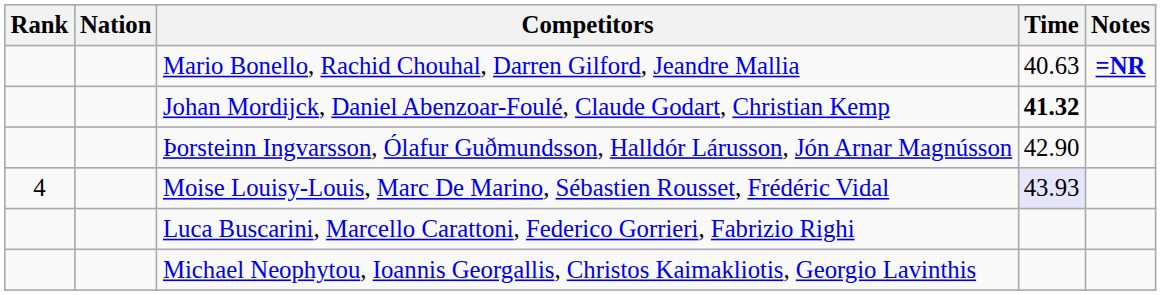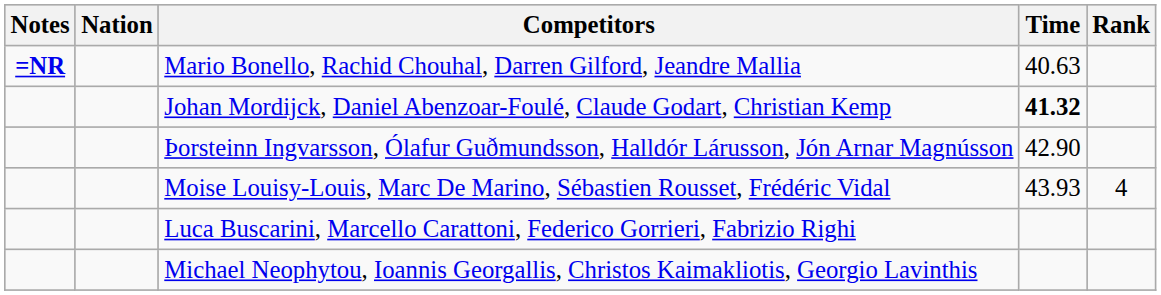 <table class="wikitable sortable" style="text-align:center; font-size:95%">
 <tr>
-<th>Rank</th>
+<th>Notes</th>
 <th>Nation</th>
 <th>Competitors</th>
 <th>Time</th>
-<th>Notes</th>
+<th>Rank</th>
 </tr>
 <tr>
-<td></td>
+<td><strong><a href='#'>=NR</a></strong></td>
 <td align=left></td>
 <td align=left><a href='#'>Mario Bonello</a>, <a href='#'>Rachid Chouhal</a>, <a href='#'>Darren Gilford</a>, <a href='#'>Jeandre Mallia</a></td>
 <td>40.63</td>
-<td><strong><a href='#'>=NR</a></strong></td>
+<td></td>
 </tr>
 <tr>
 <td></td>
 <td align=left></td>
 <td align=left><a href='#'>Johan Mordijck</a>, <a href='#'>Daniel Abenzoar-Foulé</a>, <a href='#'>Claude Godart</a>, <a href='#'>Christian Kemp</a></td>
 <td><strong>41.32</strong></td>
 <td></td>
 </tr>
 <tr>
 <td></td>
 <td align=left></td>
 <td align=left><a href='#'>Þorsteinn Ingvarsson</a>, <a href='#'>Ólafur Guðmundsson</a>, <a href='#'>Halldór Lárusson</a>, <a href='#'>Jón Arnar Magnússon</a></td>
 <td>42.90</td>
 <td></td>
 </tr>
 <tr>
-<td>4</td>
+<td></td>
 <td align=left></td>
 <td align=left><a href='#'>Moise Louisy-Louis</a>, <a href='#'>Marc De Marino</a>, <a href='#'>Sébastien Rousset</a>, <a href='#'>Frédéric Vidal</a></td>
-<td style="background: lavender;">43.93</td>
-<td></td>
+<td>43.93</td>
+<td>4</td>
 </tr>
 <tr>
 <td></td>
 <td align=left></td>
 <td align=left><a href='#'>Luca Buscarini</a>, <a href='#'>Marcello Carattoni</a>, <a href='#'>Federico Gorrieri</a>, <a href='#'>Fabrizio Righi</a></td>
 <td></td>
 <td></td>
 </tr>
 <tr>
 <td></td>
 <td align=left></td>
 <td align=left><a href='#'>Michael Neophytou</a>, <a href='#'>Ioannis Georgallis</a>, <a href='#'>Christos Kaimakliotis</a>, <a href='#'>Georgio Lavinthis</a></td>
 <td></td>
 <td></td>
 </tr>
 </table>
